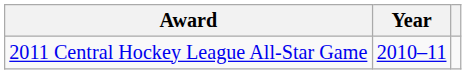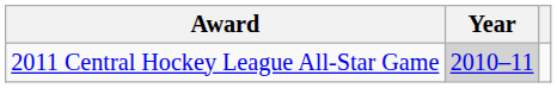 <table class="wikitable">
 <tr>
 <th>Award</th>
 <th>Year</th>
 <th></th>
 </tr>
 <tr>
 <td><a href='#'>2011 Central Hockey League All-Star Game</a></td>
-<td><a href='#'>2010–11</a></td>
+<td style="background: lightgrey;"><a href='#'>2010–11</a></td>
 <td></td>
 </tr>
 </table>
